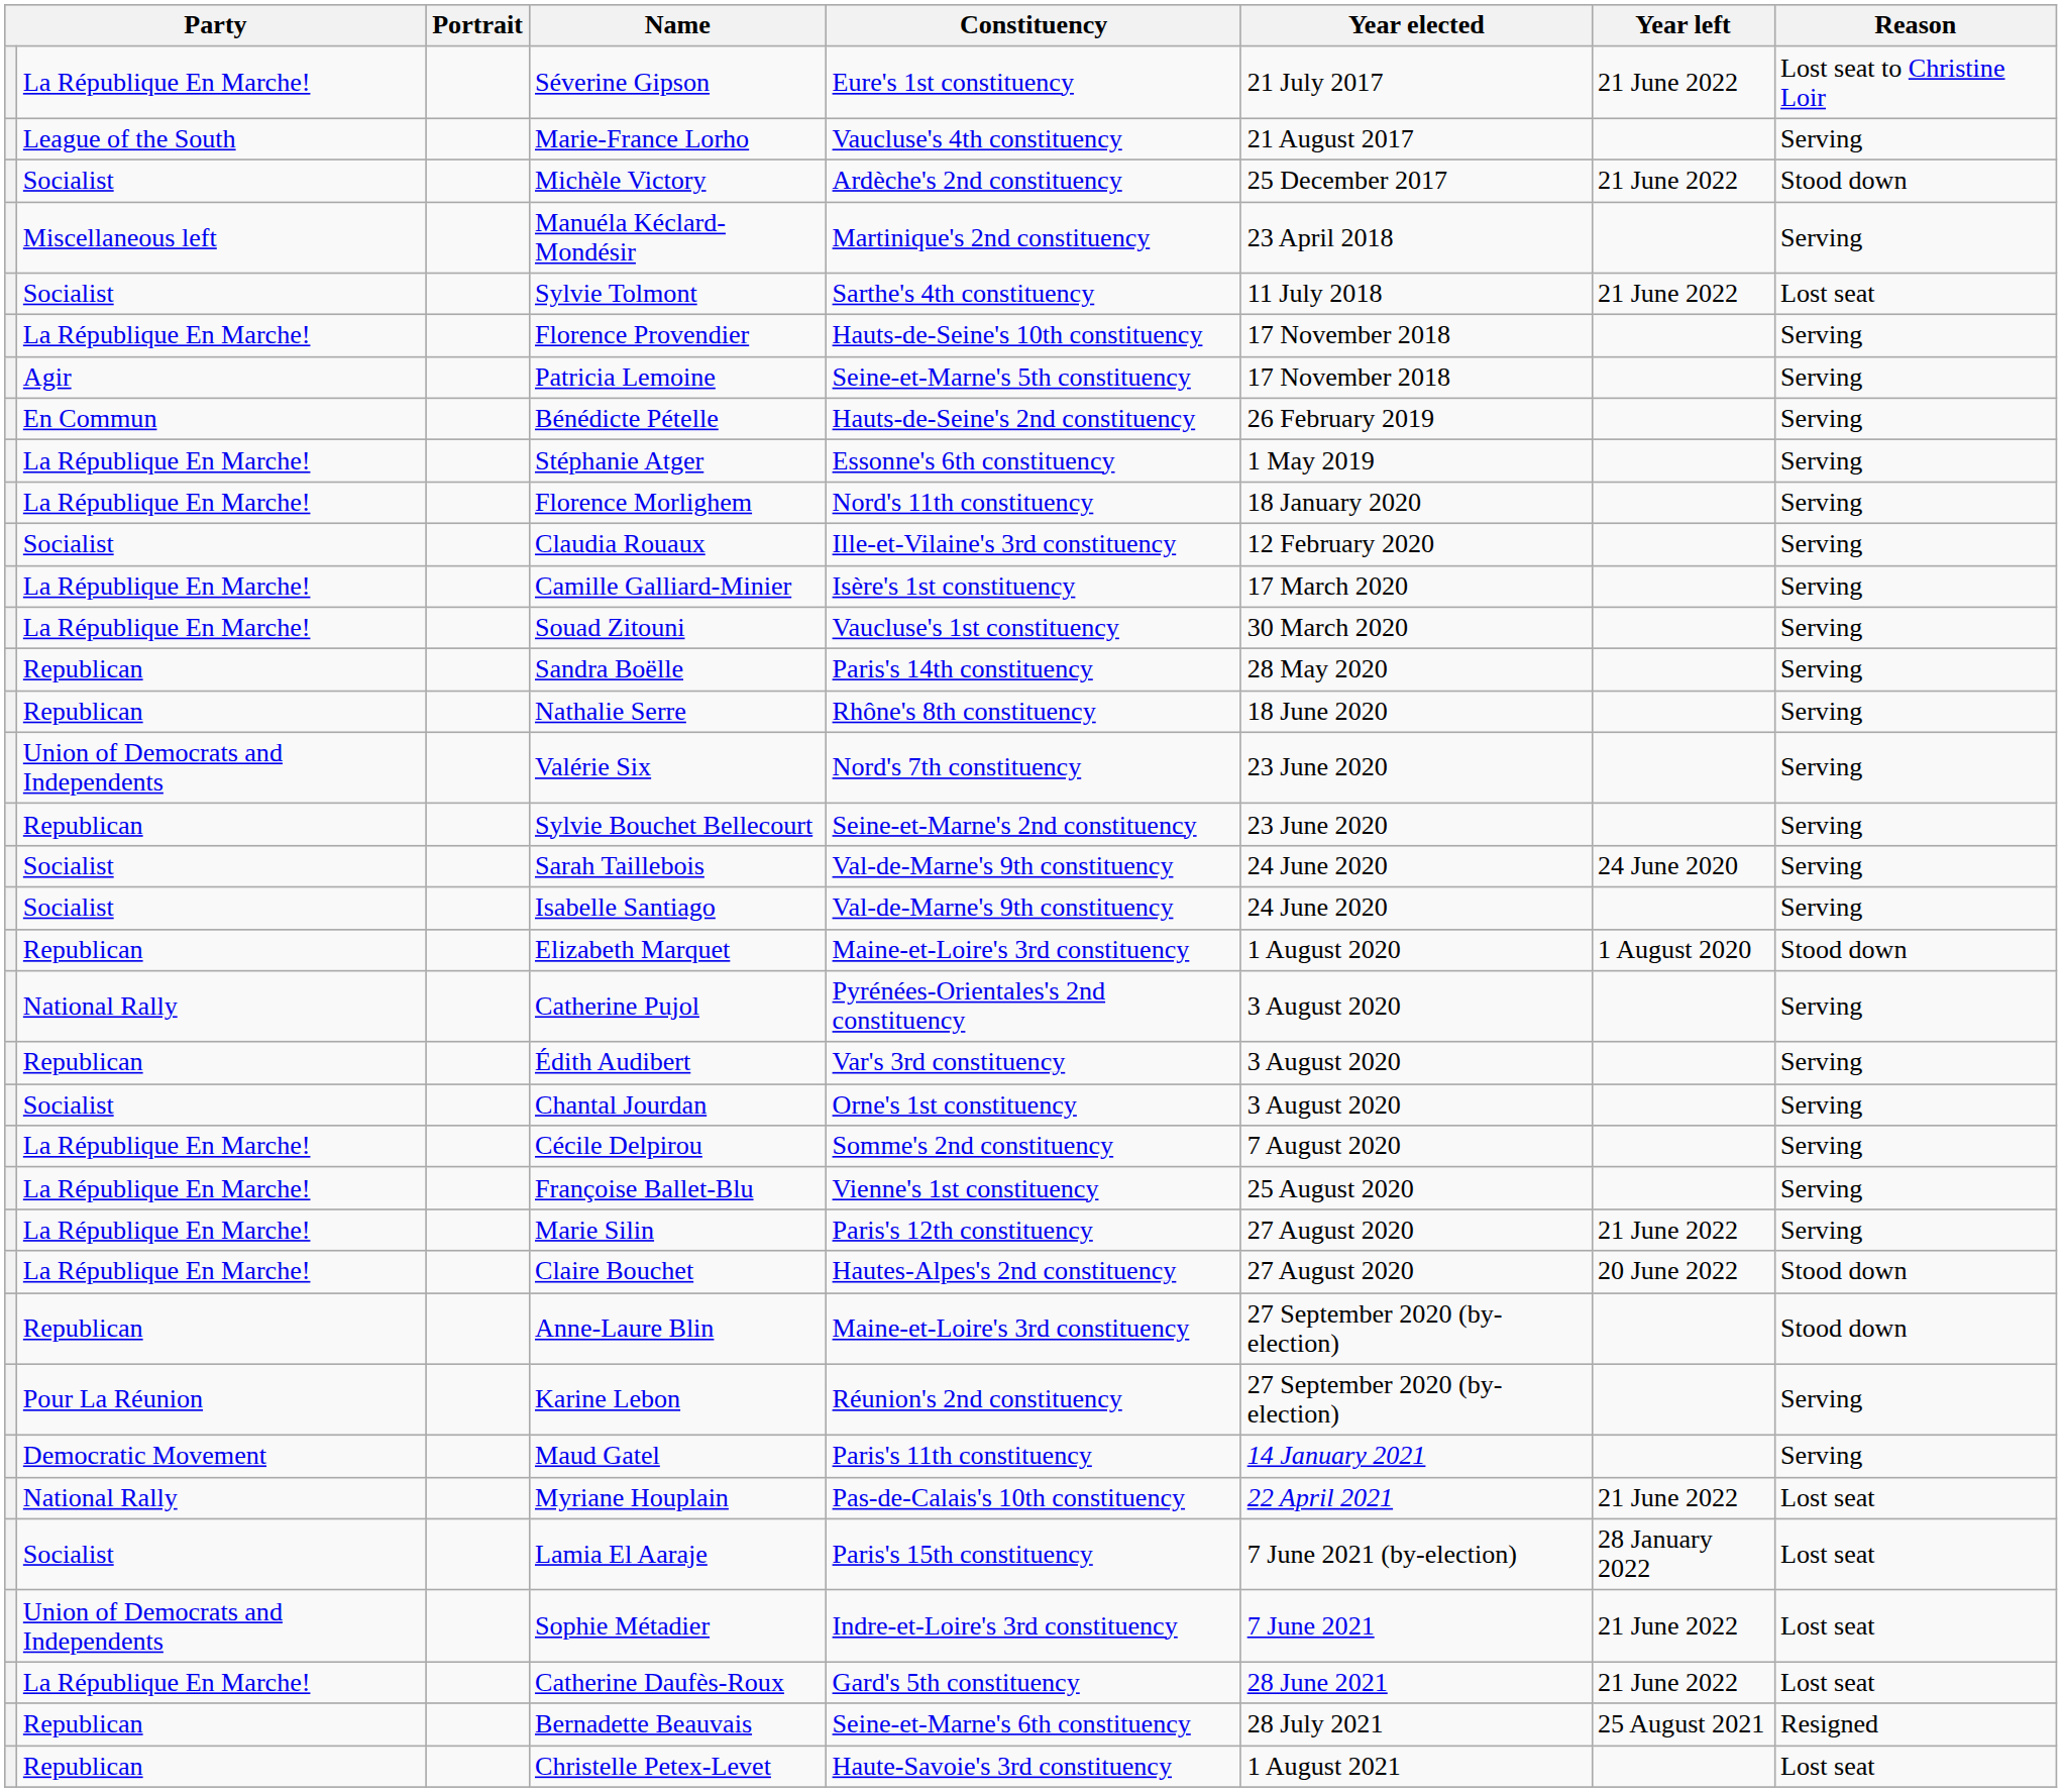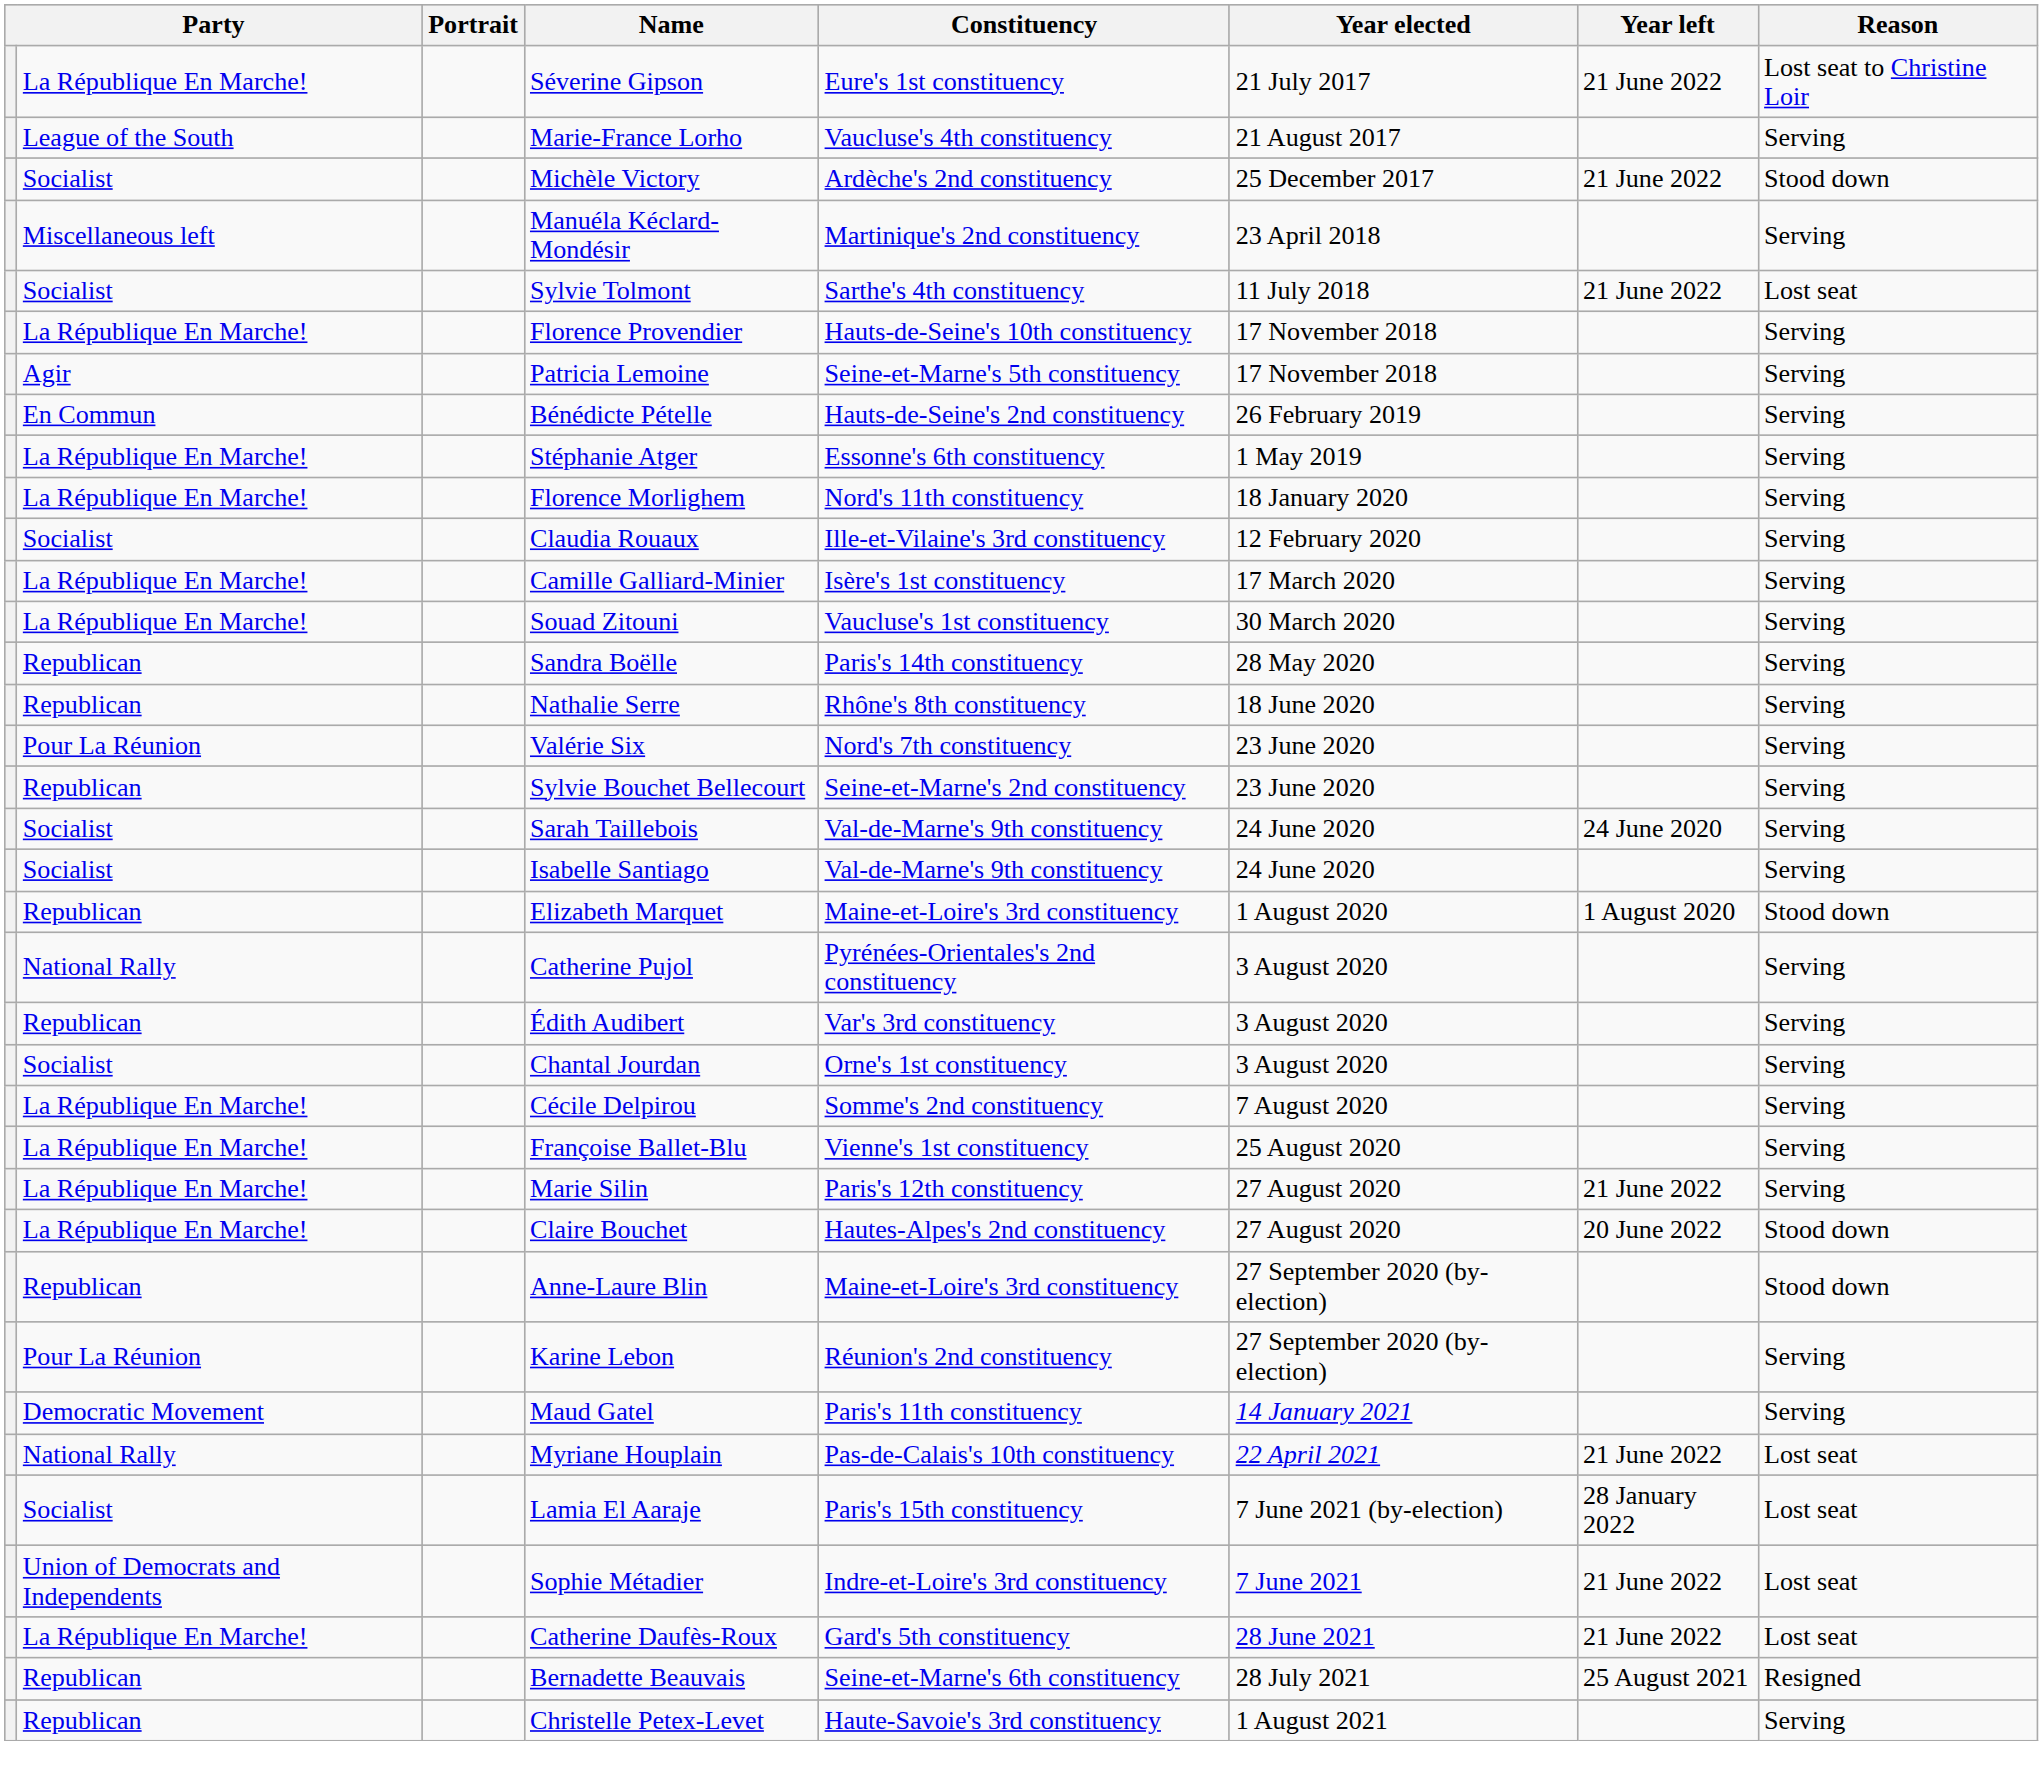 <table class="wikitable sortable">
 <tr>
 <th colspan="2">Party</th>
 <th>Portrait</th>
 <th>Name</th>
 <th>Constituency</th>
 <th>Year elected</th>
 <th>Year left</th>
 <th>Reason</th>
 </tr>
 <tr>
 <th style="background-color: "></th>
 <td><a href='#'>La République En Marche!</a></td>
 <td></td>
 <td><a href='#'>Séverine Gipson</a></td>
 <td><a href='#'>Eure's 1st constituency</a></td>
 <td>21 July 2017</td>
 <td>21 June 2022</td>
 <td>Lost seat to <a href='#'>Christine Loir</a></td>
 </tr>
 <tr>
 <th style="background-color: "></th>
 <td><a href='#'>League of the South</a></td>
 <td></td>
 <td><a href='#'>Marie-France Lorho</a></td>
 <td><a href='#'>Vaucluse's 4th constituency</a></td>
 <td>21 August 2017</td>
 <td></td>
 <td>Serving</td>
 </tr>
 <tr>
 <th style="background-color: "></th>
 <td><a href='#'>Socialist</a></td>
 <td></td>
 <td><a href='#'>Michèle Victory</a></td>
 <td><a href='#'>Ardèche's 2nd constituency</a></td>
 <td>25 December 2017</td>
 <td>21 June 2022</td>
 <td>Stood down</td>
 </tr>
 <tr>
 <th style="background-color: "></th>
 <td><a href='#'>Miscellaneous left</a></td>
 <td></td>
 <td><a href='#'>Manuéla Kéclard-Mondésir</a></td>
 <td><a href='#'>Martinique's 2nd constituency</a></td>
 <td>23 April 2018</td>
 <td></td>
 <td>Serving</td>
 </tr>
 <tr>
 <th style="background-color: "></th>
 <td><a href='#'>Socialist</a></td>
 <td></td>
 <td><a href='#'>Sylvie Tolmont</a></td>
 <td><a href='#'>Sarthe's 4th constituency</a></td>
 <td>11 July 2018</td>
 <td>21 June 2022</td>
 <td>Lost seat</td>
 </tr>
 <tr>
 <th style="background-color: "></th>
 <td><a href='#'>La République En Marche!</a></td>
 <td></td>
 <td><a href='#'>Florence Provendier</a></td>
 <td><a href='#'>Hauts-de-Seine's 10th constituency</a></td>
 <td>17 November 2018</td>
 <td></td>
 <td>Serving</td>
 </tr>
 <tr>
 <th style="background-color: "></th>
 <td><a href='#'>Agir</a></td>
 <td></td>
 <td><a href='#'>Patricia Lemoine</a></td>
 <td><a href='#'>Seine-et-Marne's 5th constituency</a></td>
 <td>17 November 2018</td>
 <td></td>
 <td>Serving</td>
 </tr>
 <tr>
 <th style="background-color: "></th>
 <td><a href='#'>En Commun</a></td>
 <td></td>
 <td><a href='#'>Bénédicte Pételle</a></td>
 <td><a href='#'>Hauts-de-Seine's 2nd constituency</a></td>
 <td>26 February 2019</td>
 <td></td>
 <td>Serving</td>
 </tr>
 <tr>
 <th style="background-color: "></th>
 <td><a href='#'>La République En Marche!</a></td>
 <td></td>
 <td><a href='#'>Stéphanie Atger</a></td>
 <td><a href='#'>Essonne's 6th constituency</a></td>
 <td>1 May 2019</td>
 <td></td>
 <td>Serving</td>
 </tr>
 <tr>
 <th style="background-color: "></th>
 <td><a href='#'>La République En Marche!</a></td>
 <td></td>
 <td><a href='#'>Florence Morlighem</a></td>
 <td><a href='#'>Nord's 11th constituency</a></td>
 <td>18 January 2020</td>
 <td></td>
 <td>Serving</td>
 </tr>
 <tr>
 <th style="background-color: "></th>
 <td><a href='#'>Socialist</a></td>
 <td></td>
 <td><a href='#'>Claudia Rouaux</a></td>
 <td><a href='#'>Ille-et-Vilaine's 3rd constituency</a></td>
 <td>12 February 2020</td>
 <td></td>
 <td>Serving</td>
 </tr>
 <tr>
 <th style="background-color: "></th>
 <td><a href='#'>La République En Marche!</a></td>
 <td></td>
 <td><a href='#'>Camille Galliard-Minier</a></td>
 <td><a href='#'>Isère's 1st constituency</a></td>
 <td>17 March 2020</td>
 <td></td>
 <td>Serving</td>
 </tr>
 <tr>
 <th style="background-color: "></th>
 <td><a href='#'>La République En Marche!</a></td>
 <td></td>
 <td><a href='#'>Souad Zitouni</a></td>
 <td><a href='#'>Vaucluse's 1st constituency</a></td>
 <td>30 March 2020</td>
 <td></td>
 <td>Serving</td>
 </tr>
 <tr>
 <th style="background-color: "></th>
 <td><a href='#'>Republican</a></td>
 <td></td>
 <td><a href='#'>Sandra Boëlle</a></td>
 <td><a href='#'>Paris's 14th constituency</a></td>
 <td>28 May 2020</td>
 <td></td>
 <td>Serving</td>
 </tr>
 <tr>
 <th style="background-color: "></th>
 <td><a href='#'>Republican</a></td>
 <td></td>
 <td><a href='#'>Nathalie Serre</a></td>
 <td><a href='#'>Rhône's 8th constituency</a></td>
 <td>18 June 2020</td>
 <td></td>
 <td>Serving</td>
 </tr>
 <tr>
 <th style="background-color: "></th>
-<td><a href='#'>Union of Democrats and Independents</a></td>
+<td><a href='#'>Pour La Réunion</a></td>
 <td></td>
 <td><a href='#'>Valérie Six</a></td>
 <td><a href='#'>Nord's 7th constituency</a></td>
 <td>23 June 2020</td>
 <td></td>
 <td>Serving</td>
 </tr>
 <tr>
 <th style="background-color: "></th>
 <td><a href='#'>Republican</a></td>
 <td></td>
 <td><a href='#'>Sylvie Bouchet Bellecourt</a></td>
 <td><a href='#'>Seine-et-Marne's 2nd constituency</a></td>
 <td>23 June 2020</td>
 <td></td>
 <td>Serving</td>
 </tr>
 <tr>
 <th style="background-color: "></th>
 <td><a href='#'>Socialist</a></td>
 <td></td>
 <td><a href='#'>Sarah Taillebois</a></td>
 <td><a href='#'>Val-de-Marne's 9th constituency</a></td>
 <td>24 June 2020</td>
 <td>24 June 2020</td>
 <td>Serving</td>
 </tr>
 <tr>
 <th style="background-color: "></th>
 <td><a href='#'>Socialist</a></td>
 <td></td>
 <td><a href='#'>Isabelle Santiago</a></td>
 <td><a href='#'>Val-de-Marne's 9th constituency</a></td>
 <td>24 June 2020</td>
 <td></td>
 <td>Serving</td>
 </tr>
 <tr>
 <th style="background-color: "></th>
 <td><a href='#'>Republican</a></td>
 <td></td>
 <td><a href='#'>Elizabeth Marquet</a></td>
 <td><a href='#'>Maine-et-Loire's 3rd constituency</a></td>
 <td>1 August 2020</td>
 <td>1 August 2020</td>
 <td>Stood down</td>
 </tr>
 <tr>
 <th style="background-color: "></th>
 <td><a href='#'>National Rally</a></td>
 <td></td>
 <td><a href='#'>Catherine Pujol</a></td>
 <td><a href='#'>Pyrénées-Orientales's 2nd constituency</a></td>
 <td>3 August 2020</td>
 <td></td>
 <td>Serving</td>
 </tr>
 <tr>
 <th style="background-color: "></th>
 <td><a href='#'>Republican</a></td>
 <td></td>
 <td><a href='#'>Édith Audibert</a></td>
 <td><a href='#'>Var's 3rd constituency</a></td>
 <td>3 August 2020</td>
 <td></td>
 <td>Serving</td>
 </tr>
 <tr>
 <th style="background-color: "></th>
 <td><a href='#'>Socialist</a></td>
 <td></td>
 <td><a href='#'>Chantal Jourdan</a></td>
 <td><a href='#'>Orne's 1st constituency</a></td>
 <td>3 August 2020</td>
 <td></td>
 <td>Serving</td>
 </tr>
 <tr>
 <th style="background-color: "></th>
 <td><a href='#'>La République En Marche!</a></td>
 <td></td>
 <td><a href='#'>Cécile Delpirou</a></td>
 <td><a href='#'>Somme's 2nd constituency</a></td>
 <td>7 August 2020</td>
 <td></td>
 <td>Serving</td>
 </tr>
 <tr>
 <th style="background-color: "></th>
 <td><a href='#'>La République En Marche!</a></td>
 <td></td>
 <td><a href='#'>Françoise Ballet-Blu</a></td>
 <td><a href='#'>Vienne's 1st constituency</a></td>
 <td>25 August 2020</td>
 <td></td>
 <td>Serving</td>
 </tr>
 <tr>
 <th style="background-color: "></th>
 <td><a href='#'>La République En Marche!</a></td>
 <td></td>
 <td><a href='#'>Marie Silin</a></td>
 <td><a href='#'>Paris's 12th constituency</a></td>
 <td>27 August 2020</td>
 <td>21 June 2022</td>
 <td>Serving</td>
 </tr>
 <tr>
 <th style="background-color: "></th>
 <td><a href='#'>La République En Marche!</a></td>
 <td></td>
 <td><a href='#'>Claire Bouchet</a></td>
 <td><a href='#'>Hautes-Alpes's 2nd constituency</a></td>
 <td>27 August 2020</td>
 <td>20 June 2022</td>
 <td>Stood down</td>
 </tr>
 <tr>
 <th style="background-color: "></th>
 <td><a href='#'>Republican</a></td>
 <td></td>
 <td><a href='#'>Anne-Laure Blin</a></td>
 <td><a href='#'>Maine-et-Loire's 3rd constituency</a></td>
 <td>27 September 2020 (by-election)</td>
 <td></td>
 <td>Stood down</td>
 </tr>
 <tr>
 <th style="background-color: "></th>
 <td><a href='#'>Pour La Réunion</a></td>
 <td></td>
 <td><a href='#'>Karine Lebon</a></td>
 <td><a href='#'>Réunion's 2nd constituency</a></td>
 <td>27 September 2020 (by-election)</td>
 <td></td>
 <td>Serving</td>
 </tr>
 <tr>
 <th style="background-color: "></th>
 <td><a href='#'>Democratic Movement</a></td>
 <td></td>
 <td><a href='#'>Maud Gatel</a></td>
 <td><a href='#'>Paris's 11th constituency</a></td>
 <td><em><a href='#'>14 January 2021</a></em></td>
 <td></td>
 <td>Serving</td>
 </tr>
 <tr>
 <th style="background-color: "></th>
 <td><a href='#'>National Rally</a></td>
 <td></td>
 <td><a href='#'>Myriane Houplain</a></td>
 <td><a href='#'>Pas-de-Calais's 10th constituency</a></td>
 <td><em><a href='#'>22 April 2021</a></em></td>
 <td>21 June 2022</td>
 <td>Lost seat</td>
 </tr>
 <tr>
 <th style="background-color: "></th>
 <td><a href='#'>Socialist</a></td>
 <td></td>
 <td><a href='#'>Lamia El Aaraje</a></td>
 <td><a href='#'>Paris's 15th constituency</a></td>
 <td>7 June 2021 (by-election)</td>
 <td>28 January 2022</td>
 <td>Lost seat</td>
 </tr>
 <tr>
 <th style="background-color: "></th>
 <td><a href='#'>Union of Democrats and Independents</a></td>
 <td></td>
 <td><a href='#'>Sophie Métadier</a></td>
 <td><a href='#'>Indre-et-Loire's 3rd constituency</a></td>
 <td><a href='#'>7 June 2021</a></td>
 <td>21 June 2022</td>
 <td>Lost seat</td>
 </tr>
 <tr>
 <th style="background-color: "></th>
 <td><a href='#'>La République En Marche!</a></td>
 <td></td>
 <td><a href='#'>Catherine Daufès-Roux</a></td>
 <td><a href='#'>Gard's 5th constituency</a></td>
 <td><a href='#'>28 June 2021</a></td>
 <td>21 June 2022</td>
 <td>Lost seat</td>
 </tr>
 <tr>
 <th style="background-color: "></th>
 <td><a href='#'>Republican</a></td>
 <td></td>
 <td><a href='#'>Bernadette Beauvais</a></td>
 <td><a href='#'>Seine-et-Marne's 6th constituency</a></td>
 <td>28 July 2021</td>
 <td>25 August 2021</td>
 <td>Resigned</td>
 </tr>
 <tr>
 <th style="background-color: "></th>
 <td><a href='#'>Republican</a></td>
 <td></td>
 <td><a href='#'>Christelle Petex-Levet</a></td>
 <td><a href='#'>Haute-Savoie's 3rd constituency</a></td>
 <td>1 August 2021</td>
 <td></td>
-<td>Lost seat</td>
+<td>Serving</td>
 </tr>
 </table>
